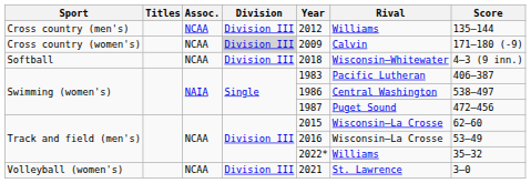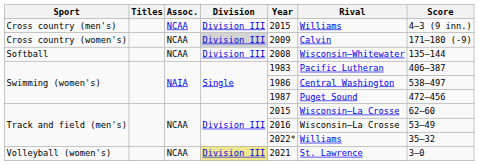 <table class="wikitable">
 <tr>
 <th width=px>Sport</th>
 <th width=px>Titles</th>
 <th width=px>Assoc.</th>
 <th width=px>Division</th>
 <th width=px>Year</th>
 <th width=px>Rival</th>
 <th width=px>Score</th>
 </tr>
 <tr>
 <td rowspan="1">Cross country (men's)</td>
 <td></td>
 <td rowspan="1"><a href='#'>NCAA</a></td>
 <td rowspan="1"><a href='#'>Division III</a></td>
-<td>2012</td>
+<td>2015</td>
 <td><a href='#'>Williams</a></td>
-<td>135–144</td>
+<td>4–3 (9 inn.)</td>
 </tr>
 <tr>
 <td rowspan="1">Cross country (women's)</td>
 <td></td>
 <td rowspan="1">NCAA</td>
 <td rowspan="1" style="background: lightgrey;"><a href='#'>Division III</a></td>
 <td>2009</td>
 <td><a href='#'>Calvin</a></td>
 <td>171–180 (-9)</td>
 </tr>
 <tr>
 <td rowspan="1">Softball</td>
 <td></td>
 <td rowspan="1">NCAA</td>
 <td rowspan="1"><a href='#'>Division III</a></td>
-<td>2018</td>
+<td>2008</td>
 <td><a href='#'>Wisconsin–Whitewater</a></td>
-<td>4–3 (9 inn.)</td>
+<td>135–144</td>
 </tr>
 <tr>
 <td rowspan="3">Swimming (women's)</td>
 <td rowspan=3></td>
 <td rowspan="3"><a href='#'>NAIA</a></td>
 <td rowspan="3"><a href='#'>Single</a></td>
 <td>1983</td>
 <td><a href='#'>Pacific Lutheran</a></td>
 <td>406–387</td>
 </tr>
 <tr>
 <td>1986</td>
 <td><a href='#'>Central Washington</a></td>
 <td>538–497</td>
 </tr>
 <tr>
 <td>1987</td>
 <td><a href='#'>Puget Sound</a></td>
 <td>472–456</td>
 </tr>
 <tr>
 <td rowspan="3">Track and field (men's)</td>
 <td rowspan=3></td>
 <td rowspan="3">NCAA</td>
 <td rowspan="3"><a href='#'>Division III</a></td>
 <td>2015</td>
 <td><a href='#'>Wisconsin–La Crosse</a></td>
 <td>62–60</td>
 </tr>
 <tr>
 <td>2016</td>
 <td>Wisconsin–La Crosse</td>
 <td>53–49</td>
 </tr>
 <tr>
 <td>2022*</td>
 <td><a href='#'>Williams</a></td>
 <td>35–32</td>
 </tr>
 <tr>
 <td rowspan="1">Volleyball (women's)</td>
 <td></td>
 <td rowspan="1">NCAA</td>
-<td rowspan="1"><a href='#'>Division III</a></td>
+<td rowspan="1" style="background: khaki;"><a href='#'>Division III</a></td>
 <td>2021</td>
 <td><a href='#'>St. Lawrence</a></td>
 <td>3–0</td>
 </tr>
 </table>
